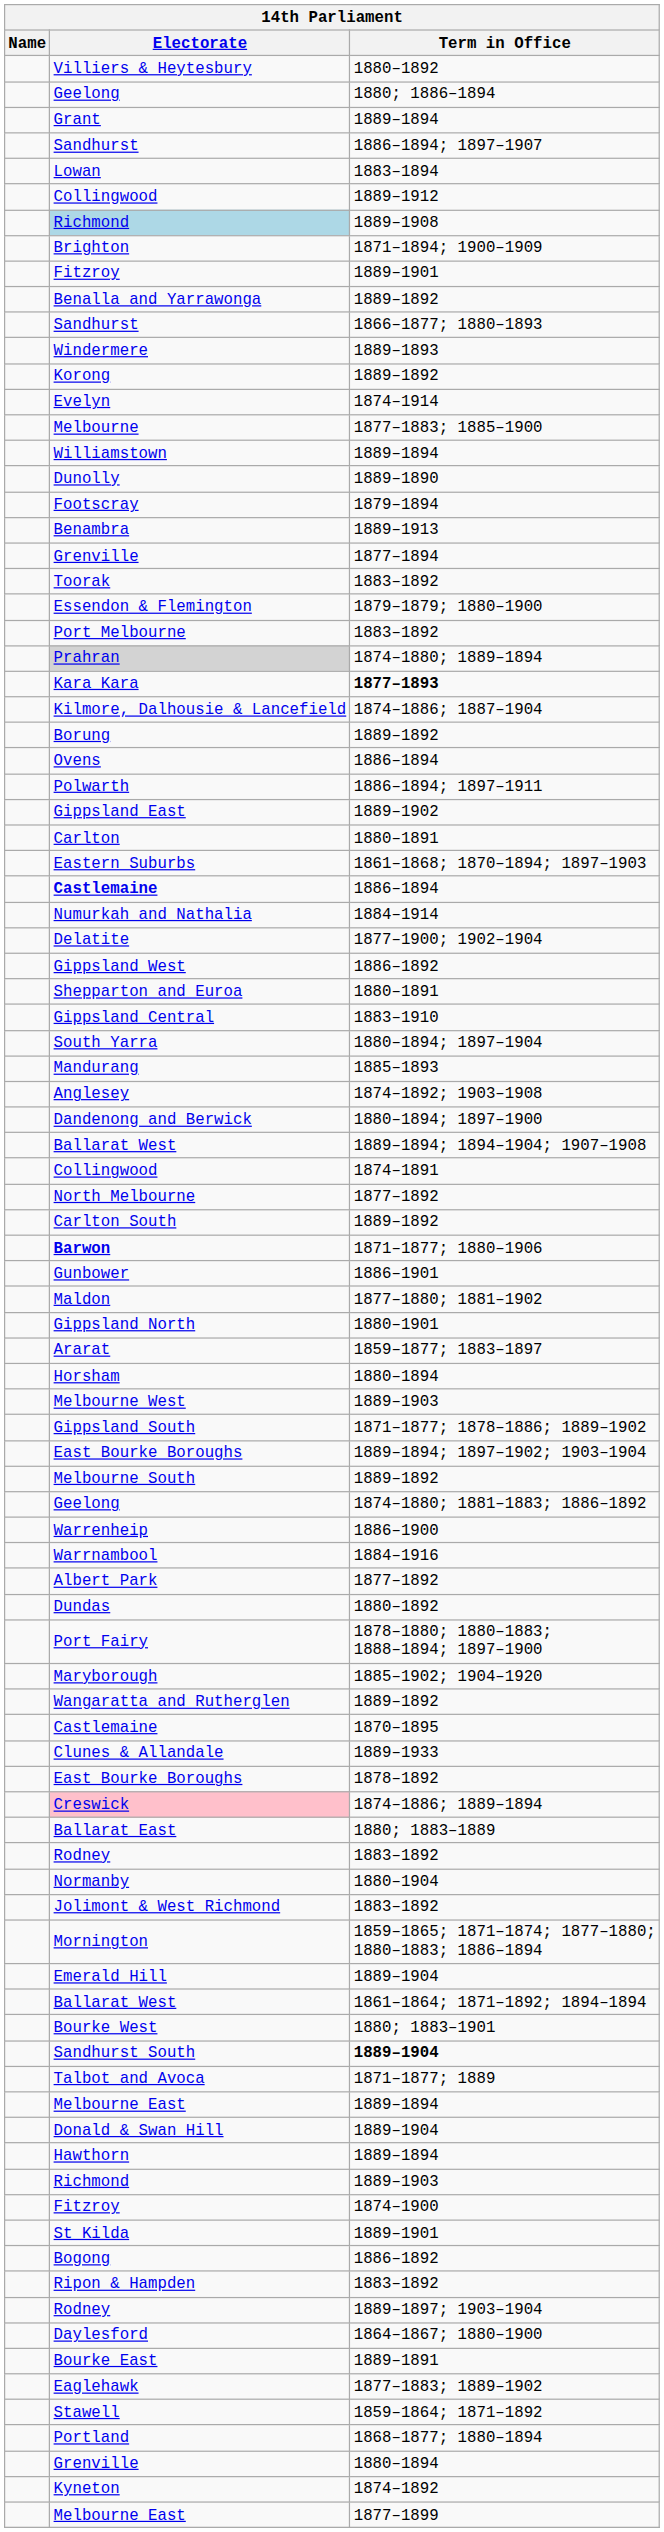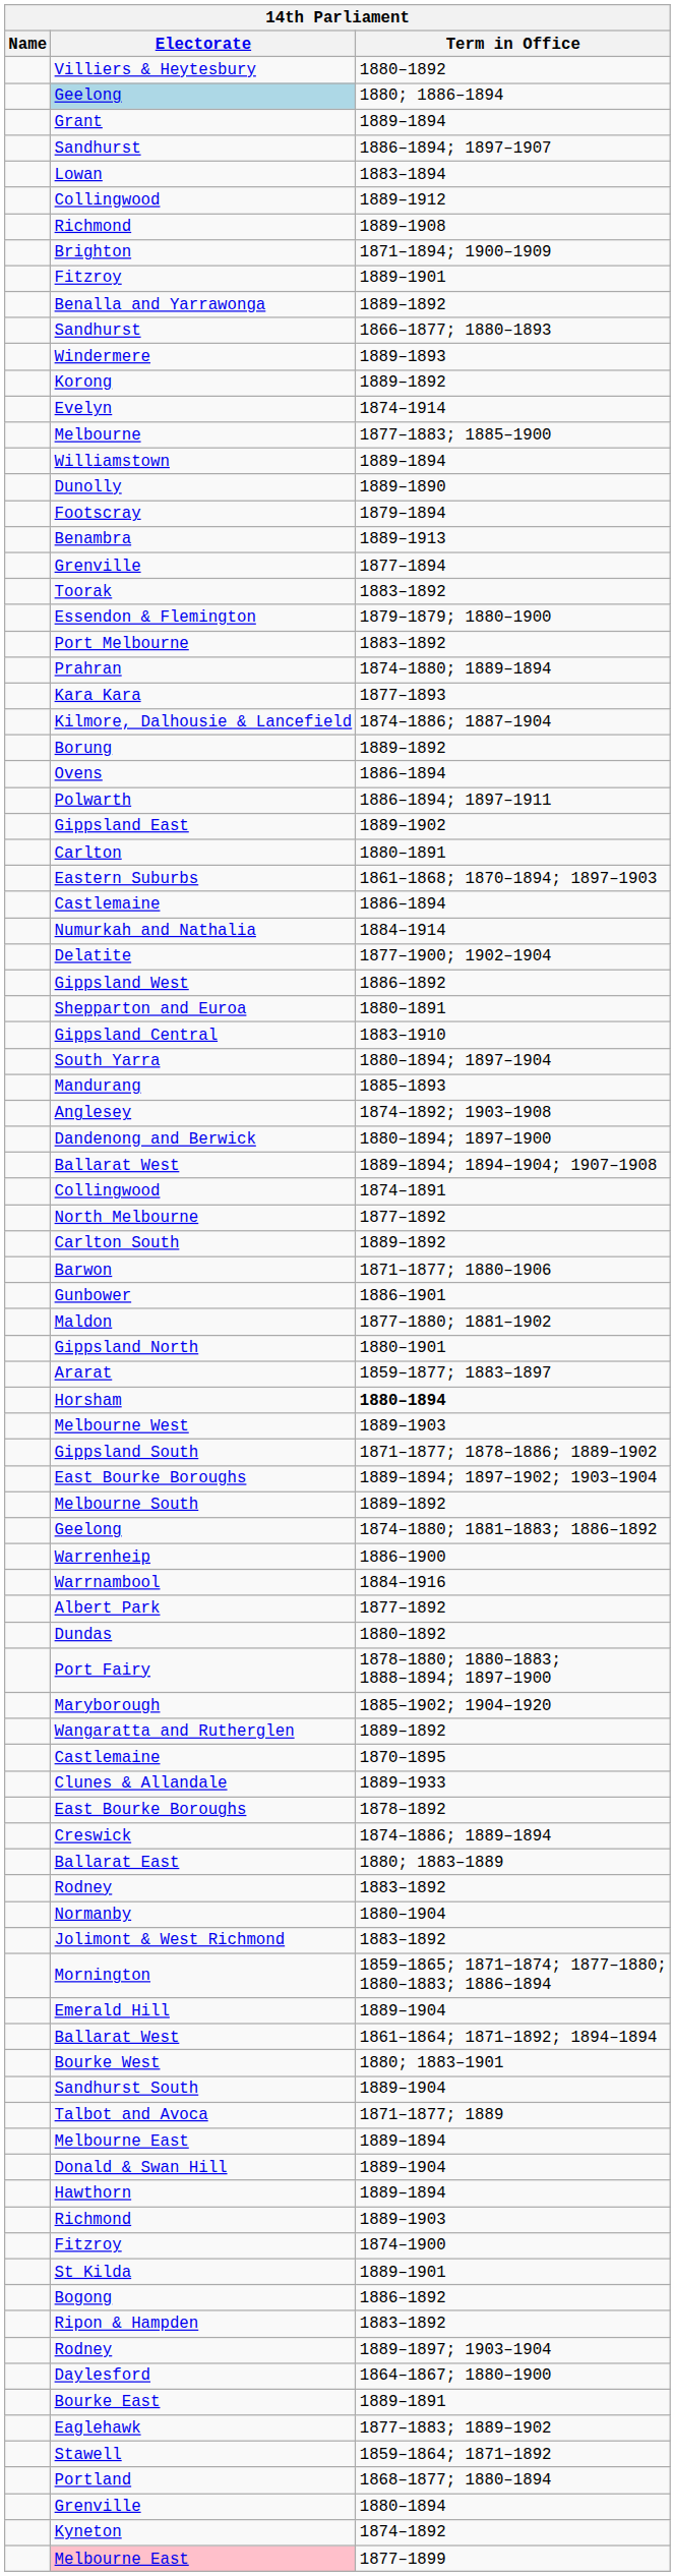 <table class="wikitable sortable">
 <tr>
 <th colspan= 4>14th Parliament</th>
 </tr>
 <tr>
 <th>Name</th>
 <th><a href='#'>Electorate</a></th>
 <th>Term in Office</th>
 </tr>
 <tr>
 <td></td>
 <td><a href='#'>Villiers & Heytesbury</a></td>
 <td>1880–1892</td>
 </tr>
 <tr>
 <td></td>
-<td><a href='#'>Geelong</a></td>
+<td style="background: lightblue;"><a href='#'>Geelong</a></td>
 <td>1880; 1886–1894</td>
 </tr>
 <tr>
 <td></td>
 <td><a href='#'>Grant</a></td>
 <td>1889–1894</td>
 </tr>
 <tr>
 <td></td>
 <td><a href='#'>Sandhurst</a></td>
 <td>1886–1894; 1897–1907</td>
 </tr>
 <tr>
 <td></td>
 <td><a href='#'>Lowan</a></td>
 <td>1883–1894</td>
 </tr>
 <tr>
 <td></td>
 <td><a href='#'>Collingwood</a></td>
 <td>1889–1912</td>
 </tr>
 <tr>
 <td></td>
-<td style="background: lightblue;"><a href='#'>Richmond</a></td>
+<td><a href='#'>Richmond</a></td>
 <td>1889–1908</td>
 </tr>
 <tr>
 <td></td>
 <td><a href='#'>Brighton</a></td>
 <td>1871–1894; 1900–1909</td>
 </tr>
 <tr>
 <td></td>
 <td><a href='#'>Fitzroy</a></td>
 <td>1889–1901</td>
 </tr>
 <tr>
 <td></td>
 <td><a href='#'>Benalla and Yarrawonga</a></td>
 <td>1889–1892</td>
 </tr>
 <tr>
 <td></td>
 <td><a href='#'>Sandhurst</a></td>
 <td>1866–1877; 1880–1893</td>
 </tr>
 <tr>
 <td></td>
 <td><a href='#'>Windermere</a></td>
 <td>1889–1893</td>
 </tr>
 <tr>
 <td></td>
 <td><a href='#'>Korong</a></td>
 <td>1889–1892</td>
 </tr>
 <tr>
 <td></td>
 <td><a href='#'>Evelyn</a></td>
 <td>1874–1914</td>
 </tr>
 <tr>
 <td></td>
 <td><a href='#'>Melbourne</a></td>
 <td>1877–1883; 1885–1900</td>
 </tr>
 <tr>
 <td></td>
 <td><a href='#'>Williamstown</a></td>
 <td>1889–1894</td>
 </tr>
 <tr>
 <td> </td>
 <td><a href='#'>Dunolly</a></td>
 <td>1889–1890</td>
 </tr>
 <tr>
 <td></td>
 <td><a href='#'>Footscray</a></td>
 <td>1879–1894</td>
 </tr>
 <tr>
 <td></td>
 <td><a href='#'>Benambra</a></td>
 <td>1889–1913</td>
 </tr>
 <tr>
 <td></td>
 <td><a href='#'>Grenville</a></td>
 <td>1877–1894</td>
 </tr>
 <tr>
 <td></td>
 <td><a href='#'>Toorak</a></td>
 <td>1883–1892</td>
 </tr>
 <tr>
 <td></td>
 <td><a href='#'>Essendon & Flemington</a></td>
 <td>1879–1879; 1880–1900</td>
 </tr>
 <tr>
 <td></td>
 <td><a href='#'>Port Melbourne</a></td>
 <td>1883–1892</td>
 </tr>
 <tr>
 <td></td>
-<td style="background: lightgrey;"><a href='#'>Prahran</a></td>
+<td><a href='#'>Prahran</a></td>
 <td>1874–1880; 1889–1894</td>
 </tr>
 <tr>
 <td></td>
 <td><a href='#'>Kara Kara</a></td>
-<td><strong>1877–1893</strong></td>
+<td>1877–1893</td>
 </tr>
 <tr>
 <td></td>
 <td><a href='#'>Kilmore, Dalhousie & Lancefield</a></td>
 <td>1874–1886; 1887–1904</td>
 </tr>
 <tr>
 <td></td>
 <td><a href='#'>Borung</a></td>
 <td>1889–1892</td>
 </tr>
 <tr>
 <td></td>
 <td><a href='#'>Ovens</a></td>
 <td>1886–1894</td>
 </tr>
 <tr>
 <td></td>
 <td><a href='#'>Polwarth</a></td>
 <td>1886–1894; 1897–1911</td>
 </tr>
 <tr>
 <td></td>
 <td><a href='#'>Gippsland East</a></td>
 <td>1889–1902</td>
 </tr>
 <tr>
 <td></td>
 <td><a href='#'>Carlton</a></td>
 <td>1880–1891</td>
 </tr>
 <tr>
 <td></td>
 <td><a href='#'>Eastern Suburbs</a></td>
 <td>1861–1868; 1870–1894; 1897–1903</td>
 </tr>
 <tr>
 <td></td>
-<td><strong><a href='#'>Castlemaine</a></strong></td>
+<td><a href='#'>Castlemaine</a></td>
 <td>1886–1894</td>
 </tr>
 <tr>
 <td></td>
 <td><a href='#'>Numurkah and Nathalia</a></td>
 <td>1884–1914</td>
 </tr>
 <tr>
 <td></td>
 <td><a href='#'>Delatite</a></td>
 <td>1877–1900; 1902–1904</td>
 </tr>
 <tr>
 <td></td>
 <td><a href='#'>Gippsland West</a></td>
 <td>1886–1892</td>
 </tr>
 <tr>
 <td></td>
 <td><a href='#'>Shepparton and Euroa</a></td>
 <td>1880–1891</td>
 </tr>
 <tr>
 <td></td>
 <td><a href='#'>Gippsland Central</a></td>
 <td>1883–1910</td>
 </tr>
 <tr>
 <td></td>
 <td><a href='#'>South Yarra</a></td>
 <td>1880–1894; 1897–1904</td>
 </tr>
 <tr>
 <td></td>
 <td><a href='#'>Mandurang</a></td>
 <td>1885–1893</td>
 </tr>
 <tr>
 <td></td>
 <td><a href='#'>Anglesey</a></td>
 <td>1874–1892; 1903–1908</td>
 </tr>
 <tr>
 <td></td>
 <td><a href='#'>Dandenong and Berwick</a></td>
 <td>1880–1894; 1897–1900</td>
 </tr>
 <tr>
 <td></td>
 <td><a href='#'>Ballarat West</a></td>
 <td>1889–1894; 1894–1904; 1907–1908</td>
 </tr>
 <tr>
 <td> </td>
 <td><a href='#'>Collingwood</a></td>
 <td>1874–1891</td>
 </tr>
 <tr>
 <td></td>
 <td><a href='#'>North Melbourne</a></td>
 <td>1877–1892</td>
 </tr>
 <tr>
 <td></td>
 <td><a href='#'>Carlton South</a></td>
 <td>1889–1892</td>
 </tr>
 <tr>
 <td></td>
-<td><strong><a href='#'>Barwon</a></strong></td>
+<td><a href='#'>Barwon</a></td>
 <td>1871–1877; 1880–1906</td>
 </tr>
 <tr>
 <td></td>
 <td><a href='#'>Gunbower</a></td>
 <td>1886–1901</td>
 </tr>
 <tr>
 <td></td>
 <td><a href='#'>Maldon</a></td>
 <td>1877–1880; 1881–1902</td>
 </tr>
 <tr>
 <td></td>
 <td><a href='#'>Gippsland North</a></td>
 <td>1880–1901</td>
 </tr>
 <tr>
 <td></td>
 <td><a href='#'>Ararat</a></td>
 <td>1859–1877; 1883–1897</td>
 </tr>
 <tr>
 <td></td>
 <td><a href='#'>Horsham</a></td>
-<td>1880–1894</td>
+<td><strong>1880–1894</strong></td>
 </tr>
 <tr>
 <td></td>
 <td><a href='#'>Melbourne West</a></td>
 <td>1889–1903</td>
 </tr>
 <tr>
 <td></td>
 <td><a href='#'>Gippsland South</a></td>
 <td>1871–1877; 1878–1886; 1889–1902</td>
 </tr>
 <tr>
 <td></td>
 <td><a href='#'>East Bourke Boroughs</a></td>
 <td>1889–1894; 1897–1902; 1903–1904</td>
 </tr>
 <tr>
 <td></td>
 <td><a href='#'>Melbourne South</a></td>
 <td>1889–1892</td>
 </tr>
 <tr>
 <td></td>
 <td><a href='#'>Geelong</a></td>
 <td>1874–1880; 1881–1883; 1886–1892</td>
 </tr>
 <tr>
 <td></td>
 <td><a href='#'>Warrenheip</a></td>
 <td>1886–1900</td>
 </tr>
 <tr>
 <td></td>
 <td><a href='#'>Warrnambool</a></td>
 <td>1884–1916</td>
 </tr>
 <tr>
 <td></td>
 <td><a href='#'>Albert Park</a></td>
 <td>1877–1892</td>
 </tr>
 <tr>
 <td></td>
 <td><a href='#'>Dundas</a></td>
 <td>1880–1892</td>
 </tr>
 <tr>
 <td></td>
 <td><a href='#'>Port Fairy</a></td>
 <td>1878–1880; 1880–1883;<br>1888–1894; 1897–1900</td>
 </tr>
 <tr>
 <td></td>
 <td><a href='#'>Maryborough</a></td>
 <td>1885–1902; 1904–1920</td>
 </tr>
 <tr>
 <td></td>
 <td><a href='#'>Wangaratta and Rutherglen</a></td>
 <td>1889–1892</td>
 </tr>
 <tr>
 <td></td>
 <td><a href='#'>Castlemaine</a></td>
 <td>1870–1895</td>
 </tr>
 <tr>
 <td></td>
 <td><a href='#'>Clunes & Allandale</a></td>
 <td>1889–1933</td>
 </tr>
 <tr>
 <td></td>
 <td><a href='#'>East Bourke Boroughs</a></td>
 <td>1878–1892</td>
 </tr>
 <tr>
 <td></td>
-<td style="background: pink;"><a href='#'>Creswick</a></td>
+<td><a href='#'>Creswick</a></td>
 <td>1874–1886; 1889–1894</td>
 </tr>
 <tr>
 <td> </td>
 <td><a href='#'>Ballarat East</a></td>
 <td>1880; 1883–1889</td>
 </tr>
 <tr>
 <td></td>
 <td><a href='#'>Rodney</a></td>
 <td>1883–1892</td>
 </tr>
 <tr>
 <td></td>
 <td><a href='#'>Normanby</a></td>
 <td>1880–1904</td>
 </tr>
 <tr>
 <td></td>
 <td><a href='#'>Jolimont & West Richmond</a></td>
 <td>1883–1892</td>
 </tr>
 <tr>
 <td></td>
 <td><a href='#'>Mornington</a></td>
 <td>1859–1865; 1871–1874; 1877–1880;<br>1880–1883; 1886–1894</td>
 </tr>
 <tr>
 <td></td>
 <td><a href='#'>Emerald Hill</a></td>
 <td>1889–1904</td>
 </tr>
 <tr>
 <td></td>
 <td><a href='#'>Ballarat West</a></td>
 <td>1861–1864; 1871–1892; 1894–1894</td>
 </tr>
 <tr>
 <td></td>
 <td><a href='#'>Bourke West</a></td>
 <td>1880; 1883–1901</td>
 </tr>
 <tr>
 <td></td>
 <td><a href='#'>Sandhurst South</a></td>
-<td><strong>1889–1904</strong></td>
+<td>1889–1904</td>
 </tr>
 <tr>
 <td> </td>
 <td><a href='#'>Talbot and Avoca</a></td>
 <td>1871–1877; 1889</td>
 </tr>
 <tr>
 <td></td>
 <td><a href='#'>Melbourne East</a></td>
 <td>1889–1894</td>
 </tr>
 <tr>
 <td></td>
 <td><a href='#'>Donald & Swan Hill</a></td>
 <td>1889–1904</td>
 </tr>
 <tr>
 <td></td>
 <td><a href='#'>Hawthorn</a></td>
 <td>1889–1894</td>
 </tr>
 <tr>
 <td></td>
 <td><a href='#'>Richmond</a></td>
 <td>1889–1903</td>
 </tr>
 <tr>
 <td></td>
 <td><a href='#'>Fitzroy</a></td>
 <td>1874–1900</td>
 </tr>
 <tr>
 <td></td>
 <td><a href='#'>St Kilda</a></td>
 <td>1889–1901</td>
 </tr>
 <tr>
 <td></td>
 <td><a href='#'>Bogong</a></td>
 <td>1886–1892</td>
 </tr>
 <tr>
 <td></td>
 <td><a href='#'>Ripon & Hampden</a></td>
 <td>1883–1892</td>
 </tr>
 <tr>
 <td></td>
 <td><a href='#'>Rodney</a></td>
 <td>1889–1897; 1903–1904</td>
 </tr>
 <tr>
 <td></td>
 <td><a href='#'>Daylesford</a></td>
 <td>1864–1867; 1880–1900</td>
 </tr>
 <tr>
 <td> </td>
 <td><a href='#'>Bourke East</a></td>
 <td>1889–1891</td>
 </tr>
 <tr>
 <td></td>
 <td><a href='#'>Eaglehawk</a></td>
 <td>1877–1883; 1889–1902</td>
 </tr>
 <tr>
 <td></td>
 <td><a href='#'>Stawell</a></td>
 <td>1859–1864; 1871–1892</td>
 </tr>
 <tr>
 <td></td>
 <td><a href='#'>Portland</a></td>
 <td>1868–1877; 1880–1894</td>
 </tr>
 <tr>
 <td></td>
 <td><a href='#'>Grenville</a></td>
 <td>1880–1894</td>
 </tr>
 <tr>
 <td></td>
 <td><a href='#'>Kyneton</a></td>
 <td>1874–1892</td>
 </tr>
 <tr>
 <td></td>
-<td><a href='#'>Melbourne East</a></td>
+<td style="background: pink;"><a href='#'>Melbourne East</a></td>
 <td>1877–1899</td>
 </tr>
 <tr>
 </tr>
 </table>
